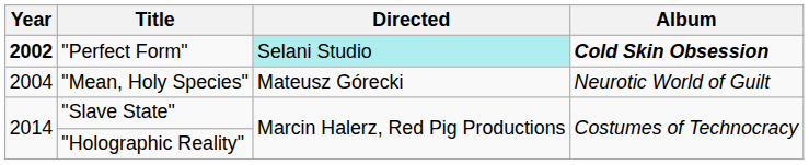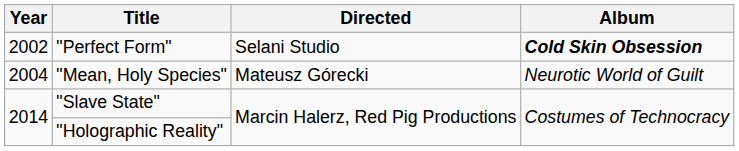 <table class="wikitable">
 <tr>
 <th>Year</th>
 <th>Title</th>
 <th>Directed</th>
 <th>Album</th>
 </tr>
 <tr>
-<td><strong>2002</strong></td>
+<td>2002</td>
 <td>"Perfect Form"</td>
-<td style="background: paleturquoise;">Selani Studio</td>
+<td>Selani Studio</td>
 <td><strong><em>Cold Skin Obsession</em></strong></td>
 </tr>
 <tr>
 <td>2004</td>
 <td>"Mean, Holy Species"</td>
 <td>Mateusz Górecki</td>
 <td><em>Neurotic World of Guilt</em></td>
 </tr>
 <tr>
 <td rowspan=2>2014</td>
 <td>"Slave State"</td>
 <td rowspan=2>Marcin Halerz, Red Pig Productions</td>
 <td rowspan=2><em>Costumes of Technocracy</em></td>
 </tr>
 <tr>
 <td>"Holographic Reality"</td>
 </tr>
 </table>
